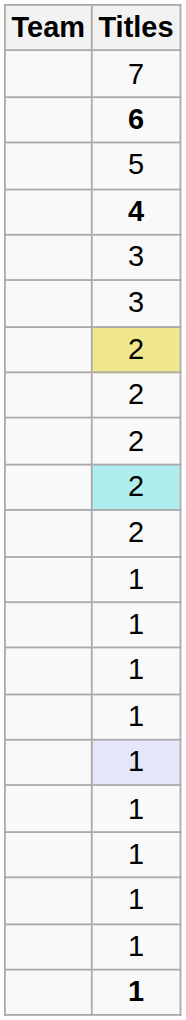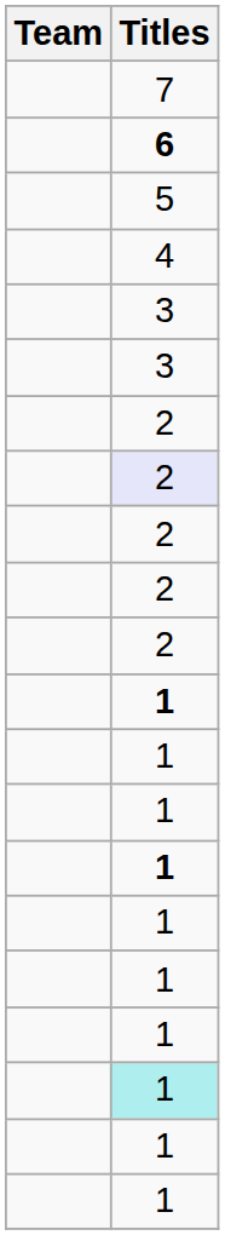 <table class="wikitable sortable" style="text-align:center">
 <tr>
 <th>Team</th>
 <th>Titles</th>
 </tr>
 <tr>
 <td style=><strong></strong></td>
 <td>7</td>
 </tr>
 <tr>
 <td style=><strong></strong></td>
 <td><strong>6</strong></td>
 </tr>
 <tr>
 <td style=><strong></strong></td>
 <td>5</td>
 </tr>
 <tr>
 <td style=><strong></strong></td>
-<td><strong>4</strong></td>
+<td>4</td>
 </tr>
 <tr>
 <td style=><strong></strong></td>
 <td>3</td>
 </tr>
 <tr>
 <td style=><strong></strong></td>
 <td>3</td>
 </tr>
 <tr>
 <td style=><strong></strong></td>
-<td style="background: khaki;">2</td>
+<td>2</td>
+</tr>
+<tr>
+<td style=><strong></strong></td>
+<td style="background: lavender;">2</td>
 </tr>
 <tr>
 <td style=><strong></strong></td>
 <td>2</td>
 </tr>
 <tr>
 <td style=><strong></strong></td>
 <td>2</td>
 </tr>
 <tr>
 <td style=><strong></strong></td>
-<td style="background: paleturquoise;">2</td>
+<td>2</td>
 </tr>
 <tr>
 <td style=><strong></strong></td>
-<td>2</td>
+<td><strong>1</strong></td>
+</tr>
+<tr>
+<td style=><strong></strong></td>
+<td>1</td>
+</tr>
+<tr>
+<td style=><strong></strong></td>
+<td>1</td>
+</tr>
+<tr>
+<td style=><strong></strong></td>
+<td><strong>1</strong></td>
 </tr>
 <tr>
 <td style=><strong></strong></td>
 <td>1</td>
 </tr>
 <tr>
 <td style=><strong></strong></td>
 <td>1</td>
 </tr>
 <tr>
 <td style=><strong></strong></td>
 <td>1</td>
 </tr>
 <tr>
 <td style=><strong></strong></td>
-<td>1</td>
-</tr>
-<tr>
-<td style=><strong></strong></td>
-<td style="background: lavender;">1</td>
+<td style="background: paleturquoise;">1</td>
 </tr>
 <tr>
 <td style=><strong></strong></td>
 <td>1</td>
 </tr>
 <tr>
 <td style=><strong></strong></td>
 <td>1</td>
 </tr>
-<tr>
-<td style=><strong></strong></td>
-<td>1</td>
-</tr>
-<tr>
-<td style=><strong></strong></td>
-<td>1</td>
-</tr>
-<tr>
-<td style=><strong></strong></td>
-<td><strong>1</strong></td>
-</tr>
 </table>
